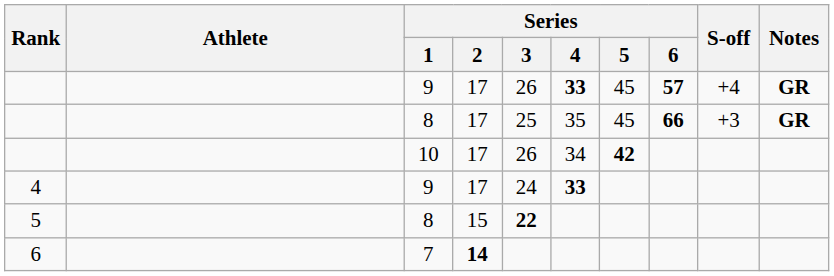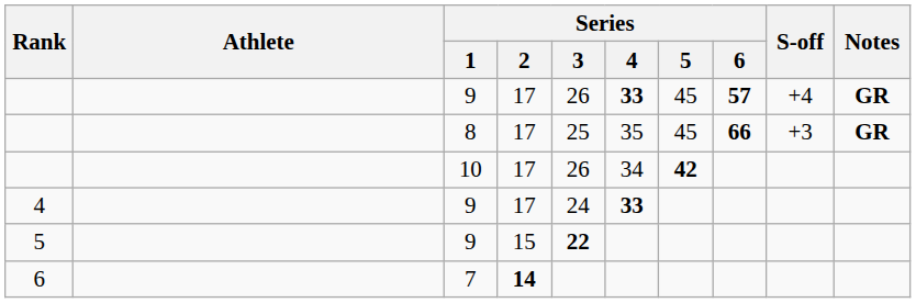 <table class="wikitable" style="text-align:center">
 <tr>
 <th rowspan=2 width=40>Rank</th>
 <th rowspan=2 width=250>Athlete</th>
 <th colspan=6>Series</th>
 <th rowspan=2 width=40>S-off</th>
 <th rowspan=2 width=45>Notes</th>
 </tr>
 <tr>
 <th width=30>1</th>
 <th width=30>2</th>
 <th width=30>3</th>
 <th width=30>4</th>
 <th width=30>5</th>
 <th width=30>6</th>
 </tr>
 <tr>
 <td></td>
 <td align=left></td>
 <td>9</td>
 <td>17</td>
 <td>26</td>
 <td><strong>33</strong></td>
 <td>45</td>
 <td><strong>57</strong></td>
 <td>+4</td>
 <td><strong>GR</strong></td>
 </tr>
 <tr>
 <td></td>
 <td align=left></td>
 <td>8</td>
 <td>17</td>
 <td>25</td>
 <td>35</td>
 <td>45</td>
 <td><strong>66</strong></td>
 <td>+3</td>
 <td><strong>GR</strong></td>
 </tr>
 <tr>
 <td></td>
 <td align=left></td>
 <td>10</td>
 <td>17</td>
 <td>26</td>
 <td>34</td>
 <td><strong>42</strong></td>
 <td></td>
 <td></td>
 <td></td>
 </tr>
 <tr>
 <td>4</td>
 <td align=left></td>
 <td>9</td>
 <td>17</td>
 <td>24</td>
 <td><strong>33</strong></td>
 <td></td>
 <td></td>
 <td></td>
 <td></td>
 </tr>
 <tr>
 <td>5</td>
 <td align=left></td>
-<td>8</td>
+<td>9</td>
 <td>15</td>
 <td><strong>22</strong></td>
 <td></td>
 <td></td>
 <td></td>
 <td></td>
 <td></td>
 </tr>
 <tr>
 <td>6</td>
 <td align=left></td>
 <td>7</td>
 <td><strong>14</strong></td>
 <td></td>
 <td></td>
 <td></td>
 <td></td>
 <td></td>
 <td></td>
 </tr>
 </table>
